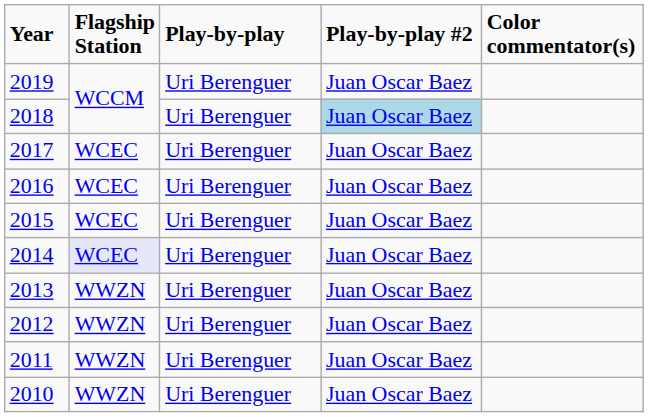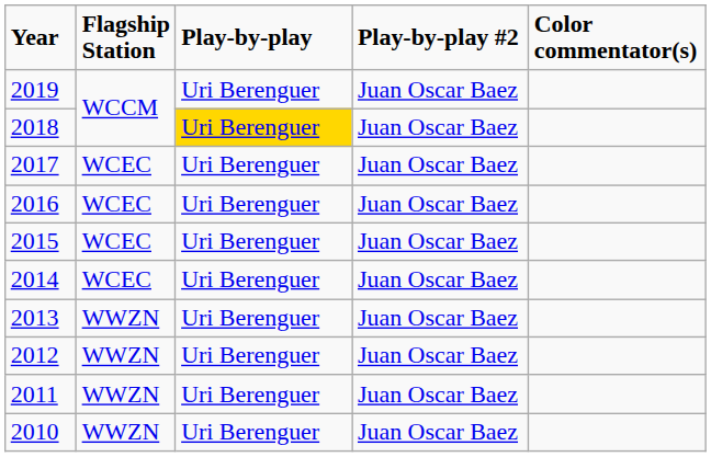 <table class="wikitable">
 <tr>
 <td width="40"><strong>Year</strong></td>
 <td width="40"><strong>Flagship Station</strong></td>
 <td width="110"><strong>Play-by-play</strong></td>
 <td width="110"><strong>Play-by-play #2</strong></td>
 <td width="110"><strong>Color commentator(s)</strong></td>
 </tr>
 <tr>
 <td><a href='#'>2019</a></td>
 <td rowspan=2><a href='#'>WCCM</a></td>
 <td><a href='#'>Uri Berenguer</a></td>
 <td><a href='#'>Juan Oscar Baez</a></td>
 <td></td>
 </tr>
 <tr>
 <td><a href='#'>2018</a></td>
-<td><a href='#'>Uri Berenguer</a></td>
-<td style="background: lightblue;"><a href='#'>Juan Oscar Baez</a></td>
+<td style="background: gold;"><a href='#'>Uri Berenguer</a></td>
+<td><a href='#'>Juan Oscar Baez</a></td>
 <td></td>
 </tr>
 <tr>
 <td><a href='#'>2017</a></td>
 <td><a href='#'>WCEC</a></td>
 <td><a href='#'>Uri Berenguer</a></td>
 <td><a href='#'>Juan Oscar Baez</a></td>
 <td></td>
 </tr>
 <tr>
 <td><a href='#'>2016</a></td>
 <td><a href='#'>WCEC</a></td>
 <td><a href='#'>Uri Berenguer</a></td>
 <td><a href='#'>Juan Oscar Baez</a></td>
 <td></td>
 </tr>
 <tr>
 <td><a href='#'>2015</a></td>
 <td><a href='#'>WCEC</a></td>
 <td><a href='#'>Uri Berenguer</a></td>
 <td><a href='#'>Juan Oscar Baez</a></td>
 <td></td>
 </tr>
 <tr>
 <td><a href='#'>2014</a></td>
-<td style="background: lavender;"><a href='#'>WCEC</a></td>
+<td><a href='#'>WCEC</a></td>
 <td><a href='#'>Uri Berenguer</a></td>
 <td><a href='#'>Juan Oscar Baez</a></td>
 <td></td>
 </tr>
 <tr>
 <td><a href='#'>2013</a></td>
 <td><a href='#'>WWZN</a></td>
 <td><a href='#'>Uri Berenguer</a></td>
 <td><a href='#'>Juan Oscar Baez</a></td>
 <td></td>
 </tr>
 <tr>
 <td><a href='#'>2012</a></td>
 <td><a href='#'>WWZN</a></td>
 <td><a href='#'>Uri Berenguer</a></td>
 <td><a href='#'>Juan Oscar Baez</a></td>
 <td></td>
 </tr>
 <tr>
 <td><a href='#'>2011</a></td>
 <td><a href='#'>WWZN</a></td>
 <td><a href='#'>Uri Berenguer</a></td>
 <td><a href='#'>Juan Oscar Baez</a></td>
 <td></td>
 </tr>
 <tr>
 <td><a href='#'>2010</a></td>
 <td><a href='#'>WWZN</a></td>
 <td><a href='#'>Uri Berenguer</a></td>
 <td><a href='#'>Juan Oscar Baez</a></td>
 <td></td>
 </tr>
 </table>
